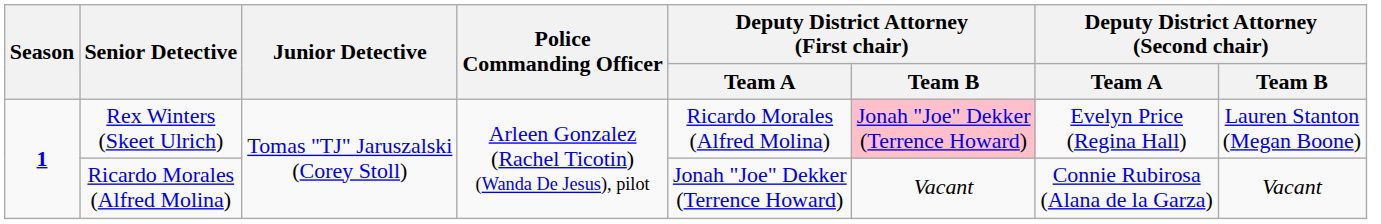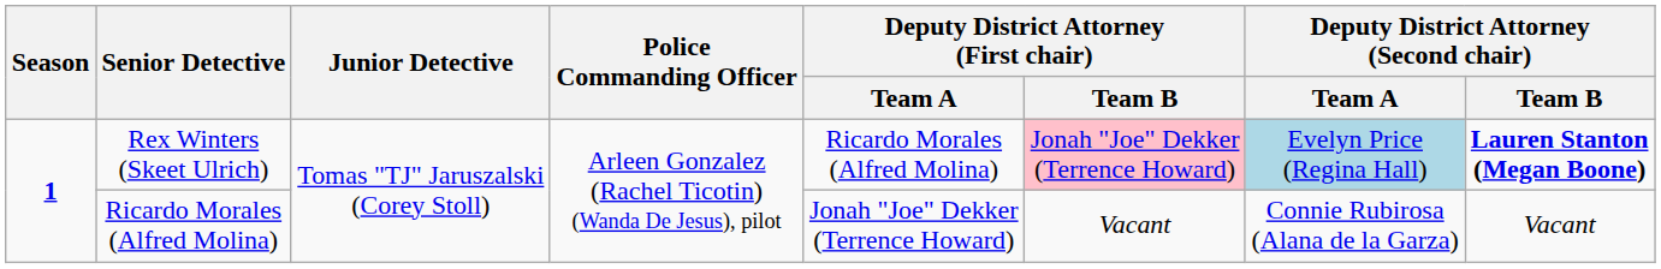 <table class="wikitable">
 <tr>
 <th rowspan="2">Season</th>
 <th rowspan="2">Senior Detective</th>
 <th rowspan="2">Junior Detective</th>
 <th rowspan="2">Police<br>Commanding Officer</th>
 <th colspan="2">Deputy District Attorney<br> (First chair)</th>
 <th colspan="2">Deputy District Attorney <br> (Second chair)</th>
 </tr>
 <tr>
 <th>Team A</th>
 <th>Team B</th>
 <th>Team A</th>
 <th>Team B</th>
 </tr>
 <tr>
 <td rowspan="2" align="center"><strong><a href='#'>1</a></strong></td>
 <td rowspan="1" align="center"><a href='#'>Rex Winters</a><br> (<a href='#'>Skeet Ulrich</a>)</td>
 <td rowspan="2" align="center"><a href='#'>Tomas "TJ" Jaruszalski</a><br> (<a href='#'>Corey Stoll</a>)</td>
 <td rowspan="2" align="center"><a href='#'>Arleen Gonzalez</a><br> (<a href='#'>Rachel Ticotin</a>)<br><small>(<a href='#'>Wanda De Jesus</a>), pilot</small></td>
 <td rowspan="1" align="center"><a href='#'>Ricardo Morales</a><br> (<a href='#'>Alfred Molina</a>)</td>
 <td rowspan="1" align="center" style="background: pink;"><a href='#'>Jonah "Joe" Dekker</a><br>(<a href='#'>Terrence Howard</a>)</td>
-<td rowspan="1" align="center"><a href='#'>Evelyn Price</a><br> (<a href='#'>Regina Hall</a>)</td>
-<td rowspan="1" align="center"><a href='#'>Lauren Stanton</a><br> (<a href='#'>Megan Boone</a>)</td>
+<td rowspan="1" align="center" style="background: lightblue;"><a href='#'>Evelyn Price</a><br> (<a href='#'>Regina Hall</a>)</td>
+<td rowspan="1" align="center"><strong><a href='#'>Lauren Stanton</a><br> (<a href='#'>Megan Boone</a>)</strong></td>
 </tr>
 <tr>
 <td rowspan="1" align="center"><a href='#'>Ricardo Morales</a><br> (<a href='#'>Alfred Molina</a>)</td>
 <td rowspan="1" align="center"><a href='#'>Jonah "Joe" Dekker</a><br>(<a href='#'>Terrence Howard</a>)</td>
 <td rowspan="1" align="center"><em>Vacant</em></td>
 <td rowspan="1" align="center"><a href='#'>Connie Rubirosa</a><br>(<a href='#'>Alana de la Garza</a>)</td>
 <td rowspan="1" align="center"><em>Vacant</em></td>
 </tr>
 </table>
